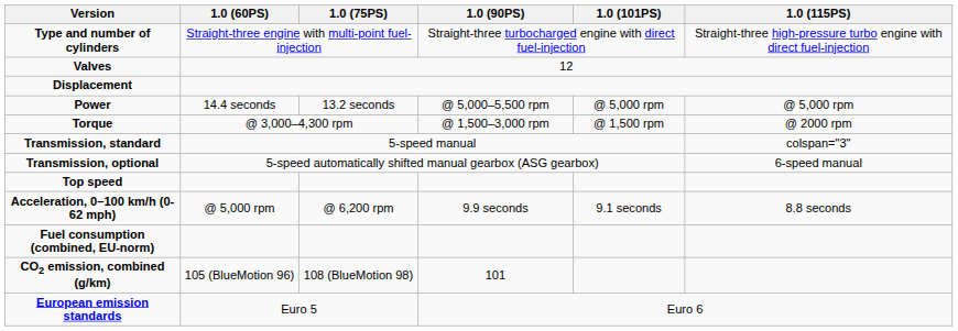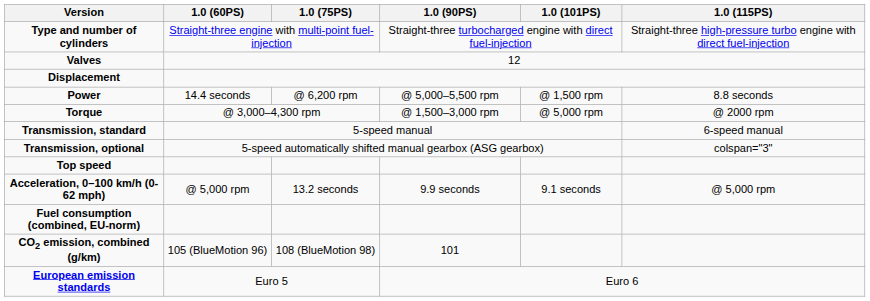 <table class="wikitable" style="text-align:center">
 <tr>
 <th>Version</th>
 <th>1.0 (60PS)</th>
 <th>1.0 (75PS)</th>
 <th>1.0 (90PS)</th>
 <th>1.0 (101PS)</th>
 <th>1.0 (115PS)</th>
 </tr>
 <tr>
 <td><strong>Type and number of cylinders</strong></td>
 <td colspan="2"><a href='#'>Straight-three engine</a> with <a href='#'>multi-point fuel-injection</a></td>
 <td colspan="2">Straight-three <a href='#'>turbocharged</a> engine with <a href='#'>direct fuel-injection</a></td>
 <td>Straight-three <a href='#'>high-pressure turbo</a> engine with <a href='#'>direct fuel-injection</a></td>
 </tr>
 <tr>
 <td><strong>Valves</strong></td>
 <td colspan="5">12</td>
 </tr>
 <tr>
 <td><strong>Displacement</strong></td>
 <td colspan="5"></td>
 </tr>
 <tr>
 <td><strong>Power</strong></td>
 <td>14.4 seconds</td>
-<td>13.2 seconds</td>
+<td> @ 6,200 rpm</td>
 <td> @ 5,000–5,500 rpm</td>
-<td> @ 5,000 rpm</td>
-<td> @ 5,000 rpm</td>
+<td> @ 1,500 rpm</td>
+<td>8.8 seconds</td>
 </tr>
 <tr>
 <td><strong>Torque</strong></td>
 <td colspan="2"> @ 3,000–4,300 rpm</td>
 <td> @ 1,500–3,000 rpm</td>
-<td> @ 1,500 rpm</td>
+<td> @ 5,000 rpm</td>
 <td> @ 2000 rpm</td>
 </tr>
 <tr>
 <td><strong>Transmission, standard</strong></td>
 <td colspan="4">5-speed manual</td>
-<td>colspan="3"   </td>
+<td>6-speed manual</td>
 </tr>
 <tr>
 <td><strong>Transmission, optional</strong></td>
 <td colspan="4">5-speed automatically shifted manual gearbox (ASG gearbox)</td>
-<td>6-speed manual</td>
+<td>colspan="3"   </td>
 </tr>
 <tr>
 <td><strong>Top speed</strong></td>
 <td></td>
 <td></td>
 <td></td>
 <td></td>
 <td></td>
 </tr>
 <tr>
 <td><strong>Acceleration, 0–100 km/h (0-62 mph)</strong></td>
 <td> @ 5,000 rpm</td>
-<td> @ 6,200 rpm</td>
+<td>13.2 seconds</td>
 <td>9.9 seconds</td>
 <td>9.1 seconds</td>
-<td>8.8 seconds</td>
+<td> @ 5,000 rpm</td>
 </tr>
 <tr>
 <td><strong>Fuel consumption <br>(combined, EU-norm)</strong></td>
 <td></td>
 <td></td>
 <td></td>
 <td></td>
 <td></td>
 </tr>
 <tr>
 <td><strong>CO<sub>2</sub> emission, combined (g/km)</strong></td>
 <td>105 (BlueMotion 96)</td>
 <td>108 (BlueMotion 98)</td>
 <td>101</td>
 <td></td>
 <td></td>
 </tr>
 <tr>
 <td><strong><a href='#'>European emission standards</a></strong></td>
 <td colspan="2">Euro 5</td>
 <td colspan="3">Euro 6</td>
 </tr>
 </table>
